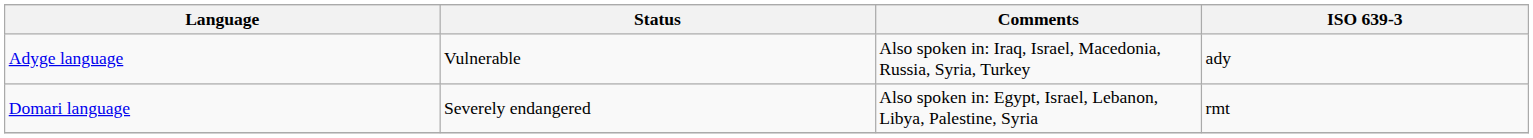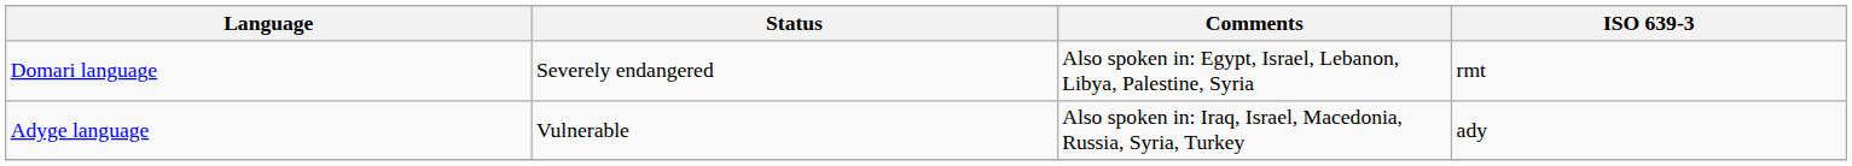 <table class="wikitable" align="center" style="font-size:90%">
 <tr>
 </tr>
 <tr>
 <th width="20%">Language</th>
 <th width="20%">Status</th>
 <th width="15%">Comments</th>
 <th width="15%">ISO 639-3</th>
 </tr>
 <tr>
+<td><a href='#'>Domari language</a></td>
+<td>Severely endangered</td>
+<td>Also spoken in: Egypt, Israel, Lebanon, Libya, Palestine, Syria</td>
+<td>rmt</td>
+</tr>
+<tr>
 <td><a href='#'>Adyge language</a></td>
 <td>Vulnerable</td>
 <td>Also spoken in: Iraq, Israel, Macedonia, Russia, Syria, Turkey</td>
 <td>ady</td>
 </tr>
 <tr>
-<td><a href='#'>Domari language</a></td>
-<td>Severely endangered</td>
-<td>Also spoken in: Egypt, Israel, Lebanon, Libya, Palestine, Syria</td>
-<td>rmt</td>
-</tr>
-<tr>
 </tr>
 </table>
